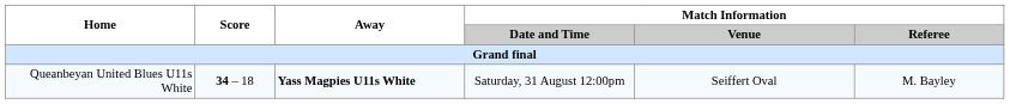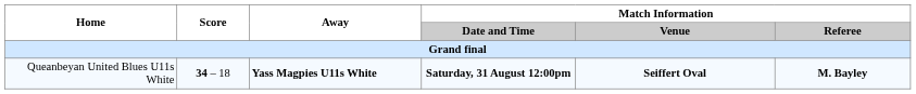 <table border="1" cellpadding="3" cellspacing="0" width="100%" style="border-collapse:collapse;  text-align:center;">
 <tr>
 <th rowspan="2" width="19%">Home</th>
 <th rowspan="2" width="8%">Score</th>
 <th rowspan="2" width="19%">Away</th>
 <th colspan="3">Match Information</th>
 </tr>
 <tr bgcolor="#CCCCCC">
 <th width="17%">Date and Time</th>
 <th width="22%">Venue</th>
 <th width="50%">Referee</th>
 </tr>
 <tr style="background:#d0e7ff;">
 <td colspan="6"><strong>Grand final</strong></td>
 </tr>
 <tr style="text-align:center; background:#f5faff;">
 <td align="right">Queanbeyan United Blues U11s White </td>
 <td><strong>34</strong> – 18</td>
 <td align="left"><strong> Yass Magpies U11s White</strong></td>
-<td>Saturday, 31 August 12:00pm</td>
-<td>Seiffert Oval</td>
-<td>M. Bayley</td>
+<td><strong>Saturday, 31 August 12:00pm</strong></td>
+<td><strong>Seiffert Oval</strong></td>
+<td><strong>M. Bayley</strong></td>
 </tr>
 </table>
